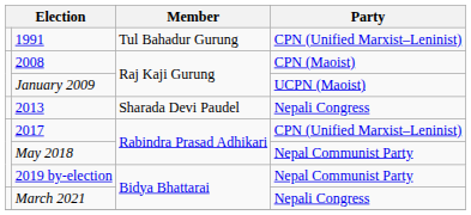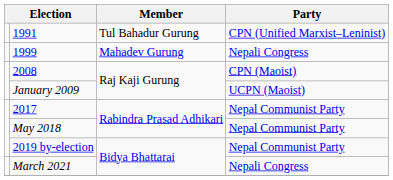 <table class="wikitable">
 <tr>
 <th colspan="2">Election</th>
 <th>Member</th>
 <th>Party</th>
 </tr>
 <tr>
 <td style="background-color:"></td>
 <td><a href='#'>1991</a></td>
 <td>Tul Bahadur Gurung</td>
 <td><a href='#'>CPN (Unified Marxist–Leninist)</a></td>
 </tr>
 <tr>
+<td style="background-color:"></td>
+<td><a href='#'>1999</a></td>
+<td><a href='#'>Mahadev Gurung</a></td>
+<td><a href='#'>Nepali Congress</a></td>
+</tr>
+<tr>
 <td rowspan="2" style="background-color:"></td>
 <td><a href='#'>2008</a></td>
 <td rowspan="2">Raj Kaji Gurung</td>
 <td><a href='#'>CPN (Maoist)</a></td>
 </tr>
 <tr>
 <td><em>January 2009</em></td>
 <td><a href='#'>UCPN (Maoist)</a></td>
 </tr>
 <tr>
-<td style="background-color:"></td>
-<td><a href='#'>2013</a></td>
-<td>Sharada Devi Paudel</td>
-<td><a href='#'>Nepali Congress</a></td>
-</tr>
-<tr>
 <td rowspan="3" style="background-color:"></td>
 <td><a href='#'>2017</a></td>
 <td rowspan="2"><a href='#'>Rabindra Prasad Adhikari</a></td>
-<td><a href='#'>CPN (Unified Marxist–Leninist)</a></td>
+<td><a href='#'>Nepal Communist Party</a></td>
 </tr>
 <tr>
 <td><em>May 2018</em></td>
 <td><a href='#'>Nepal Communist Party</a></td>
 </tr>
 <tr>
 <td><a href='#'>2019 by-election</a></td>
 <td rowspan="2"><a href='#'>Bidya Bhattarai</a></td>
 <td><a href='#'>Nepal Communist Party</a></td>
 </tr>
 <tr>
 <td></td>
 <td><em>March 2021</em></td>
 <td><a href='#'>Nepali Congress</a></td>
 </tr>
 <tr>
 </tr>
 </table>
